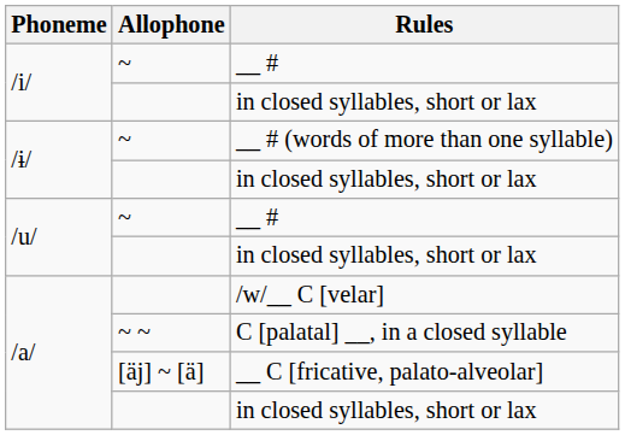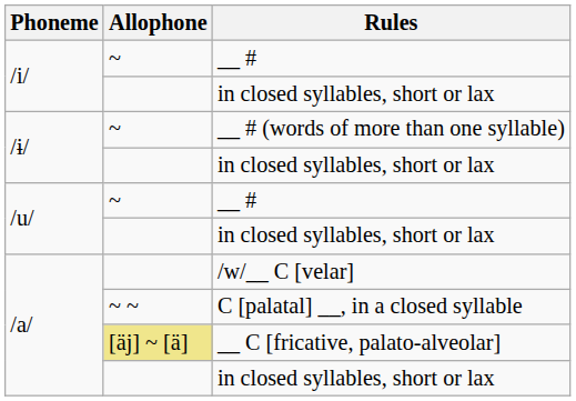 <table class="wikitable">
 <tr>
 <th>Phoneme</th>
 <th>Allophone</th>
 <th>Rules</th>
 </tr>
 <tr>
 <td rowspan="2">/i/ </td>
 <td> ~ </td>
 <td>__ #</td>
 </tr>
 <tr>
 <td></td>
 <td>in closed syllables, short or lax</td>
 </tr>
 <tr>
 <td rowspan="2">/ɨ/ </td>
 <td> ~ </td>
 <td>__ # (words of more than one syllable)</td>
 </tr>
 <tr>
 <td></td>
 <td>in closed syllables, short or lax</td>
 </tr>
 <tr>
 <td rowspan="2">/u/ </td>
 <td> ~ </td>
 <td>__ #</td>
 </tr>
 <tr>
 <td></td>
 <td>in closed syllables, short or lax</td>
 </tr>
 <tr>
 <td rowspan="4">/a/ </td>
 <td></td>
 <td>/w/__ C [velar]</td>
 </tr>
 <tr>
 <td> ~  ~ </td>
 <td>C [palatal] __, in a closed syllable</td>
 </tr>
 <tr>
-<td>[äj] ~ [ä]</td>
+<td style="background: khaki;">[äj] ~ [ä]</td>
 <td>__ C [fricative, palato-alveolar]</td>
 </tr>
 <tr>
 <td></td>
 <td>in closed syllables, short or lax</td>
 </tr>
 </table>
